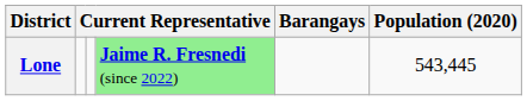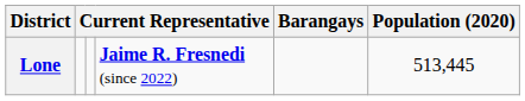 <table class="wikitable sortable" style="margin: 1em auto; font-size:100%; line-height:20px; text-align:center">
 <tr>
 <th>District</th>
 <th colspan="3">Current Representative</th>
 <th>Barangays</th>
 <th>Population (2020)</th>
 </tr>
 <tr>
 <th><a href='#'>Lone</a></th>
 <td style="background:"></td>
 <td></td>
-<td style="background: lightgreen; text-align:left;"><strong><a href='#'>Jaime R. Fresnedi</a></strong><br><small>(since <a href='#'>2022</a>)</small></td>
+<td style="text-align:left;"><strong><a href='#'>Jaime R. Fresnedi</a></strong><br><small>(since <a href='#'>2022</a>)</small></td>
 <td></td>
-<td>543,445</td>
+<td>513,445</td>
 </tr>
 </table>
